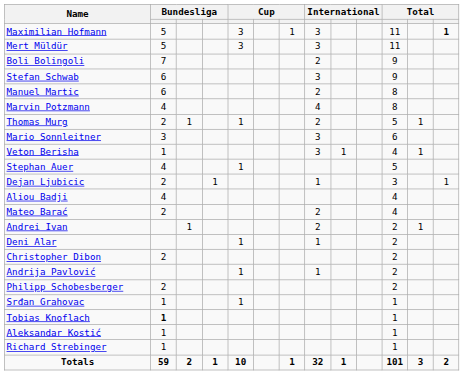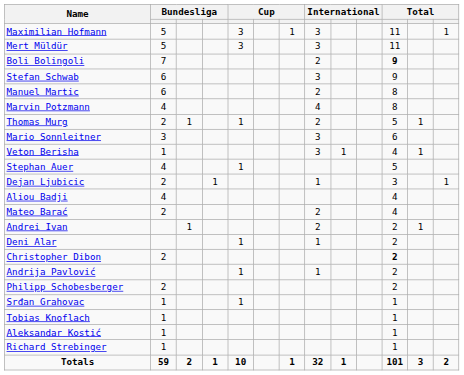 <table class="wikitable" style="text-align:center;">
 <tr>
 <th rowspan="2" width="200px">Name</th>
 <th colspan="3">Bundesliga</th>
 <th colspan="3">Cup</th>
 <th colspan="3">International</th>
 <th colspan="3">Total</th>
 </tr>
 <tr>
 <th width=30></th>
 <th width=30></th>
 <th width=30></th>
 <th width=30></th>
 <th width=30></th>
 <th width=30></th>
 <th width=30></th>
 <th width=30></th>
 <th width=30></th>
 <th width=30></th>
 <th width=30></th>
 <th width=30></th>
 </tr>
 <tr>
 <td align="left"> <a href='#'>Maximilian Hofmann</a></td>
 <td>5</td>
 <td></td>
 <td></td>
 <td>3</td>
 <td></td>
 <td>1</td>
 <td>3</td>
 <td></td>
 <td></td>
 <td>11</td>
 <td></td>
-<td><strong>1</strong></td>
+<td>1</td>
 </tr>
 <tr>
 <td align="left"> <a href='#'>Mert Müldür</a></td>
 <td>5</td>
 <td></td>
 <td></td>
 <td>3</td>
 <td></td>
 <td></td>
 <td>3</td>
 <td></td>
 <td></td>
 <td>11</td>
 <td></td>
 <td></td>
 </tr>
 <tr>
 <td align="left"> <a href='#'>Boli Bolingoli</a></td>
 <td>7</td>
 <td></td>
 <td></td>
 <td></td>
 <td></td>
 <td></td>
 <td>2</td>
 <td></td>
 <td></td>
-<td>9</td>
+<td><strong>9</strong></td>
 <td></td>
 <td></td>
 </tr>
 <tr>
 <td align="left"> <a href='#'>Stefan Schwab</a></td>
 <td>6</td>
 <td></td>
 <td></td>
 <td></td>
 <td></td>
 <td></td>
 <td>3</td>
 <td></td>
 <td></td>
 <td>9</td>
 <td></td>
 <td></td>
 </tr>
 <tr>
 <td align="left"> <a href='#'>Manuel Martic</a></td>
 <td>6</td>
 <td></td>
 <td></td>
 <td></td>
 <td></td>
 <td></td>
 <td>2</td>
 <td></td>
 <td></td>
 <td>8</td>
 <td></td>
 <td></td>
 </tr>
 <tr>
 <td align="left"> <a href='#'>Marvin Potzmann</a></td>
 <td>4</td>
 <td></td>
 <td></td>
 <td></td>
 <td></td>
 <td></td>
 <td>4</td>
 <td></td>
 <td></td>
 <td>8</td>
 <td></td>
 <td></td>
 </tr>
 <tr>
 <td align="left"> <a href='#'>Thomas Murg</a></td>
 <td>2</td>
 <td>1</td>
 <td></td>
 <td>1</td>
 <td></td>
 <td></td>
 <td>2</td>
 <td></td>
 <td></td>
 <td>5</td>
 <td>1</td>
 <td></td>
 </tr>
 <tr>
 <td align="left"> <a href='#'>Mario Sonnleitner</a></td>
 <td>3</td>
 <td></td>
 <td></td>
 <td></td>
 <td></td>
 <td></td>
 <td>3</td>
 <td></td>
 <td></td>
 <td>6</td>
 <td></td>
 <td></td>
 </tr>
 <tr>
 <td align="left"> <a href='#'>Veton Berisha</a></td>
 <td>1</td>
 <td></td>
 <td></td>
 <td></td>
 <td></td>
 <td></td>
 <td>3</td>
 <td>1</td>
 <td></td>
 <td>4</td>
 <td>1</td>
 <td></td>
 </tr>
 <tr>
 <td align="left"> <a href='#'>Stephan Auer</a></td>
 <td>4</td>
 <td></td>
 <td></td>
 <td>1</td>
 <td></td>
 <td></td>
 <td></td>
 <td></td>
 <td></td>
 <td>5</td>
 <td></td>
 <td></td>
 </tr>
 <tr>
 <td align="left"> <a href='#'>Dejan Ljubicic</a></td>
 <td>2</td>
 <td></td>
 <td>1</td>
 <td></td>
 <td></td>
 <td></td>
 <td>1</td>
 <td></td>
 <td></td>
 <td>3</td>
 <td></td>
 <td>1</td>
 </tr>
 <tr>
 <td align="left"> <a href='#'>Aliou Badji</a></td>
 <td>4</td>
 <td></td>
 <td></td>
 <td></td>
 <td></td>
 <td></td>
 <td></td>
 <td></td>
 <td></td>
 <td>4</td>
 <td></td>
 <td></td>
 </tr>
 <tr>
 <td align="left"> <a href='#'>Mateo Barać</a></td>
 <td>2</td>
 <td></td>
 <td></td>
 <td></td>
 <td></td>
 <td></td>
 <td>2</td>
 <td></td>
 <td></td>
 <td>4</td>
 <td></td>
 <td></td>
 </tr>
 <tr>
 <td align="left"> <a href='#'>Andrei Ivan</a></td>
 <td></td>
 <td>1</td>
 <td></td>
 <td></td>
 <td></td>
 <td></td>
 <td>2</td>
 <td></td>
 <td></td>
 <td>2</td>
 <td>1</td>
 <td></td>
 </tr>
 <tr>
 <td align="left"> <a href='#'>Deni Alar</a></td>
 <td></td>
 <td></td>
 <td></td>
 <td>1</td>
 <td></td>
 <td></td>
 <td>1</td>
 <td></td>
 <td></td>
 <td>2</td>
 <td></td>
 <td></td>
 </tr>
 <tr>
 <td align="left"> <a href='#'>Christopher Dibon</a></td>
 <td>2</td>
 <td></td>
 <td></td>
 <td></td>
 <td></td>
 <td></td>
 <td></td>
 <td></td>
 <td></td>
-<td>2</td>
+<td><strong>2</strong></td>
 <td></td>
 <td></td>
 </tr>
 <tr>
 <td align="left"> <a href='#'>Andrija Pavlović</a></td>
 <td></td>
 <td></td>
 <td></td>
 <td>1</td>
 <td></td>
 <td></td>
 <td>1</td>
 <td></td>
 <td></td>
 <td>2</td>
 <td></td>
 <td></td>
 </tr>
 <tr>
 <td align="left"> <a href='#'>Philipp Schobesberger</a></td>
 <td>2</td>
 <td></td>
 <td></td>
 <td></td>
 <td></td>
 <td></td>
 <td></td>
 <td></td>
 <td></td>
 <td>2</td>
 <td></td>
 <td></td>
 </tr>
 <tr>
 <td align="left"> <a href='#'>Srđan Grahovac</a></td>
 <td>1</td>
 <td></td>
 <td></td>
 <td>1</td>
 <td></td>
 <td></td>
 <td></td>
 <td></td>
 <td></td>
 <td>1</td>
 <td></td>
 <td></td>
 </tr>
 <tr>
 <td align="left"> <a href='#'>Tobias Knoflach</a></td>
-<td><strong>1</strong></td>
+<td>1</td>
 <td></td>
 <td></td>
 <td></td>
 <td></td>
 <td></td>
 <td></td>
 <td></td>
 <td></td>
 <td>1</td>
 <td></td>
 <td></td>
 </tr>
 <tr>
 <td align="left"> <a href='#'>Aleksandar Kostić</a></td>
 <td>1</td>
 <td></td>
 <td></td>
 <td></td>
 <td></td>
 <td></td>
 <td></td>
 <td></td>
 <td></td>
 <td>1</td>
 <td></td>
 <td></td>
 </tr>
 <tr>
 <td align="left"> <a href='#'>Richard Strebinger</a></td>
 <td>1</td>
 <td></td>
 <td></td>
 <td></td>
 <td></td>
 <td></td>
 <td></td>
 <td></td>
 <td></td>
 <td>1</td>
 <td></td>
 <td></td>
 </tr>
 <tr>
 <td><strong>Totals</strong></td>
 <td><strong>59</strong></td>
 <td><strong>2</strong></td>
 <td><strong>1</strong></td>
 <td><strong>10</strong></td>
 <td></td>
 <td><strong>1</strong></td>
 <td><strong>32</strong></td>
 <td><strong>1</strong></td>
 <td></td>
 <td><strong>101</strong></td>
 <td><strong>3</strong></td>
 <td><strong>2</strong></td>
 </tr>
 </table>
